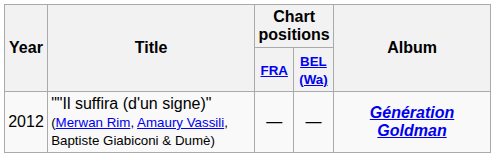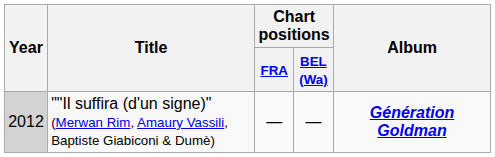 <table class="wikitable">
 <tr>
 <th rowspan="2" width="10">Year</th>
 <th style="width:200px;" rowspan="2">Title</th>
 <th colspan="2">Chart positions<br></th>
 <th style="width:150px;" rowspan="2">Album</th>
 </tr>
 <tr>
 <th width="20"><small><a href='#'>FRA</a></small><br></th>
 <th width="20"><small><a href='#'>BEL <br>(Wa)</a></small><br></th>
 </tr>
 <tr>
-<td style="text-align:center;">2012</td>
+<td style="background: lightgrey; text-align:center;">2012</td>
 <td>""Il suffira (d'un signe)" <br><small>(<a href='#'>Merwan Rim</a>, <a href='#'>Amaury Vassili</a>, Baptiste Giabiconi & Dumè)</small></td>
 <td style="text-align:center;">—</td>
 <td style="text-align:center;">—</td>
 <td style="text-align:center;"><strong><em><a href='#'>Génération Goldman</a></em></strong></td>
 </tr>
 </table>
